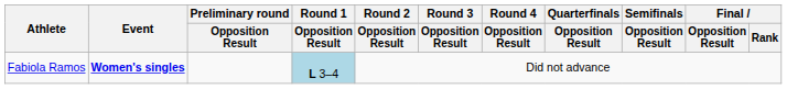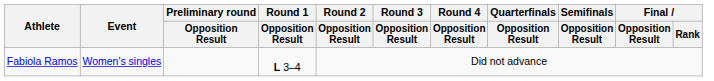 <table class="wikitable" style="font-size:90%">
 <tr>
 <th rowspan="2">Athlete</th>
 <th rowspan="2">Event</th>
 <th>Preliminary round</th>
 <th>Round 1</th>
 <th>Round 2</th>
 <th>Round 3</th>
 <th>Round 4</th>
 <th>Quarterfinals</th>
 <th>Semifinals</th>
 <th colspan=2>Final / </th>
 </tr>
 <tr style="font-size:95%">
 <th>Opposition<br>Result</th>
 <th>Opposition<br>Result</th>
 <th>Opposition<br>Result</th>
 <th>Opposition<br>Result</th>
 <th>Opposition<br>Result</th>
 <th>Opposition<br>Result</th>
 <th>Opposition<br>Result</th>
 <th>Opposition<br>Result</th>
 <th>Rank</th>
 </tr>
 <tr align=center>
 <td align=left><a href='#'>Fabiola Ramos</a></td>
-<td align=left><strong><a href='#'>Women's singles</a></strong></td>
+<td align=left><a href='#'>Women's singles</a></td>
 <td></td>
-<td style="background: lightblue;"><br> <strong>L</strong> 3–4</td>
+<td><br> <strong>L</strong> 3–4</td>
 <td colspan=7>Did not advance</td>
 </tr>
 </table>
